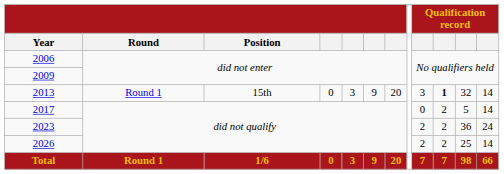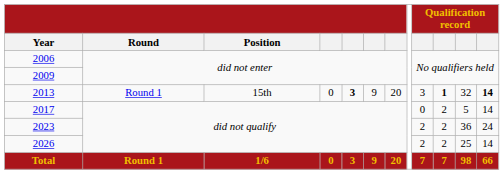 <table class="wikitable" style="text-align: center;">
 <tr>
 <th style="background:#AA151B;" colspan="7"><a href='#'></a></th>
 <th style="background:white; width:1%;" rowspan="9"></th>
 <th style="background:#AA151B; color:#F1BF00;" colspan="5">Qualification record</th>
 </tr>
 <tr>
 <th>Year</th>
 <th>Round</th>
 <th>Position</th>
 <th width=25></th>
 <th width=25></th>
 <th width=25></th>
 <th width=25></th>
 <th width=25></th>
 <th width=25></th>
 <th width=25></th>
 <th width=25></th>
 </tr>
 <tr>
 <td><a href='#'>2006</a></td>
 <td colspan=6 rowspan=2 align=center><em>did not enter</em></td>
 <td colspan=4 rowspan=2 align=center><em>No qualifiers held</em></td>
 </tr>
 <tr>
 <td><a href='#'>2009</a></td>
 </tr>
 <tr>
 <td> <a href='#'>2013</a></td>
 <td><a href='#'>Round 1</a></td>
 <td>15th</td>
 <td>0</td>
-<td>3</td>
+<td><strong>3</strong></td>
 <td>9</td>
 <td>20</td>
 <td>3</td>
 <td><strong>1</strong></td>
 <td>32</td>
-<td>14</td>
+<td><strong>14</strong></td>
 </tr>
 <tr>
 <td><a href='#'>2017</a></td>
 <td colspan=6 rowspan=3 align=center><em>did not qualify</em></td>
 <td>0</td>
 <td>2</td>
 <td>5</td>
 <td>14</td>
 </tr>
 <tr>
 <td><a href='#'>2023</a></td>
 <td>2</td>
 <td>2</td>
 <td>36</td>
 <td>24</td>
 </tr>
 <tr>
 <td><a href='#'>2026</a></td>
 <td>2</td>
 <td>2</td>
 <td>25</td>
 <td>14</td>
 </tr>
 <tr>
 <th style="color:#F1BF00; background:#AA151B;"><strong>Total</strong></th>
 <th style="color:#F1BF00; background:#AA151B;"><strong>Round 1</strong></th>
 <th style="color:#F1BF00; background:#AA151B;"><strong>1/6</strong></th>
 <th style="color:#F1BF00; background:#AA151B;"><strong>0</strong></th>
 <th style="color:#F1BF00; background:#AA151B;"><strong>3</strong></th>
 <th style="color:#F1BF00; background:#AA151B;"><strong>9</strong></th>
 <th style="color:#F1BF00; background:#AA151B;"><strong>20</strong></th>
 <th style="color:#F1BF00; background:#AA151B;"><strong>7</strong></th>
 <th style="color:#F1BF00; background:#AA151B;"><strong>7</strong></th>
 <th style="color:#F1BF00; background:#AA151B;"><strong>98</strong></th>
 <th style="color:#F1BF00; background:#AA151B;"><strong>66</strong></th>
 </tr>
 </table>
